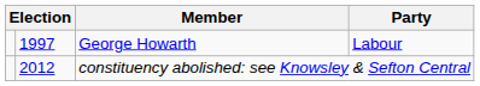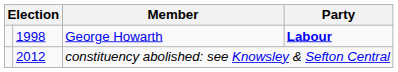 <table class="wikitable">
 <tr>
 <th colspan="2">Election</th>
 <th>Member</th>
 <th>Party</th>
 </tr>
 <tr>
 <td style="color:inherit;background-color: "></td>
-<td><a href='#'>1997</a></td>
+<td><a href='#'>1998</a></td>
 <td><a href='#'>George Howarth</a></td>
-<td><a href='#'>Labour</a></td>
+<td><strong><a href='#'>Labour</a></strong></td>
 </tr>
 <tr>
 <td></td>
 <td><a href='#'>2012</a></td>
 <td colspan="2"><em>constituency abolished: see <a href='#'>Knowsley</a> & <a href='#'>Sefton Central</a></em></td>
 </tr>
 </table>
